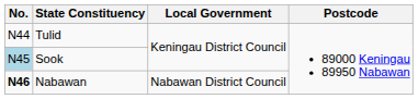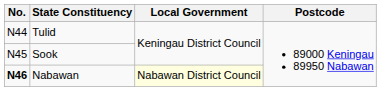 <table class="wikitable">
 <tr>
 <th>No.</th>
 <th>State Constituency</th>
 <th>Local Government</th>
 <th>Postcode</th>
 </tr>
 <tr>
 <td>N44</td>
 <td>Tulid</td>
 <td rowspan="2">Keningau District Council</td>
 <td rowspan="3"><br><ul><li>89000 <a href='#'>Keningau</a></li><li>89950 <a href='#'>Nabawan</a></li></ul></td>
 </tr>
 <tr>
-<td style="background: lightblue;">N45</td>
+<td>N45</td>
 <td>Sook</td>
 </tr>
 <tr>
 <td><strong>N46</strong></td>
 <td>Nabawan</td>
-<td>Nabawan District Council</td>
+<td style="background: lightyellow;">Nabawan District Council</td>
 </tr>
 </table>
